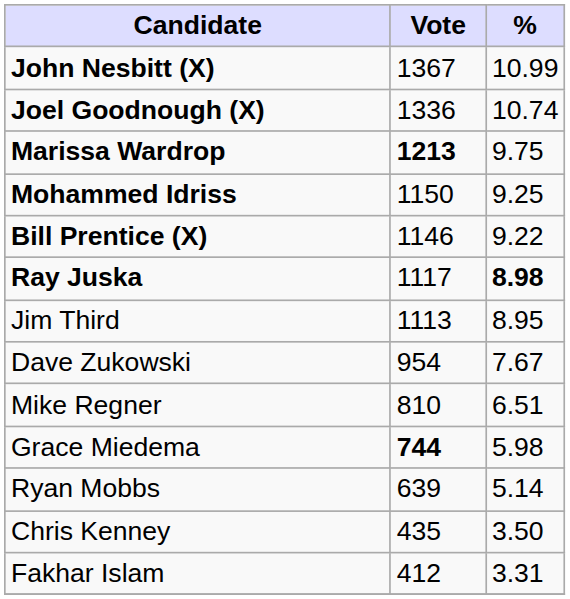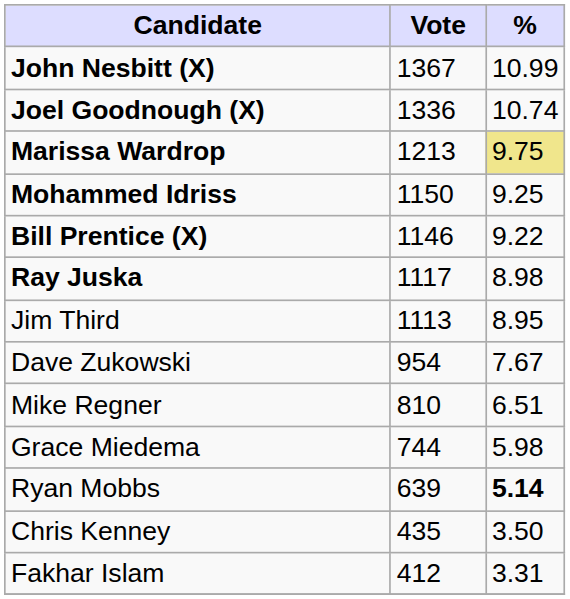 <table class="wikitable">
 <tr>
 <th style="background:#ddf; width:225px;">Candidate</th>
 <th style="background:#ddf; width:50px;">Vote</th>
 <th style="background:#ddf; width:30px;">%</th>
 </tr>
 <tr>
 <td><strong>John Nesbitt (X)</strong></td>
 <td>1367</td>
 <td>10.99</td>
 </tr>
 <tr>
 <td><strong>Joel Goodnough (X)</strong></td>
 <td>1336</td>
 <td>10.74</td>
 </tr>
 <tr>
 <td><strong>Marissa Wardrop</strong></td>
-<td><strong>1213</strong></td>
-<td>9.75</td>
+<td>1213</td>
+<td style="background: khaki;">9.75</td>
 </tr>
 <tr>
 <td><strong>Mohammed Idriss</strong></td>
 <td>1150</td>
 <td>9.25</td>
 </tr>
 <tr>
 <td><strong>Bill Prentice (X)</strong></td>
 <td>1146</td>
 <td>9.22</td>
 </tr>
 <tr>
 <td><strong>Ray Juska</strong></td>
 <td>1117</td>
-<td><strong>8.98</strong></td>
+<td>8.98</td>
 </tr>
 <tr>
 <td>Jim Third</td>
 <td>1113</td>
 <td>8.95</td>
 </tr>
 <tr>
 <td>Dave Zukowski</td>
 <td>954</td>
 <td>7.67</td>
 </tr>
 <tr>
 <td>Mike Regner</td>
 <td>810</td>
 <td>6.51</td>
 </tr>
 <tr>
 <td>Grace Miedema</td>
-<td><strong>744</strong></td>
+<td>744</td>
 <td>5.98</td>
 </tr>
 <tr>
 <td>Ryan Mobbs</td>
 <td>639</td>
-<td>5.14</td>
+<td><strong>5.14</strong></td>
 </tr>
 <tr>
 <td>Chris Kenney</td>
 <td>435</td>
 <td>3.50</td>
 </tr>
 <tr>
 <td>Fakhar Islam</td>
 <td>412</td>
 <td>3.31</td>
 </tr>
 <tr>
 </tr>
 </table>
